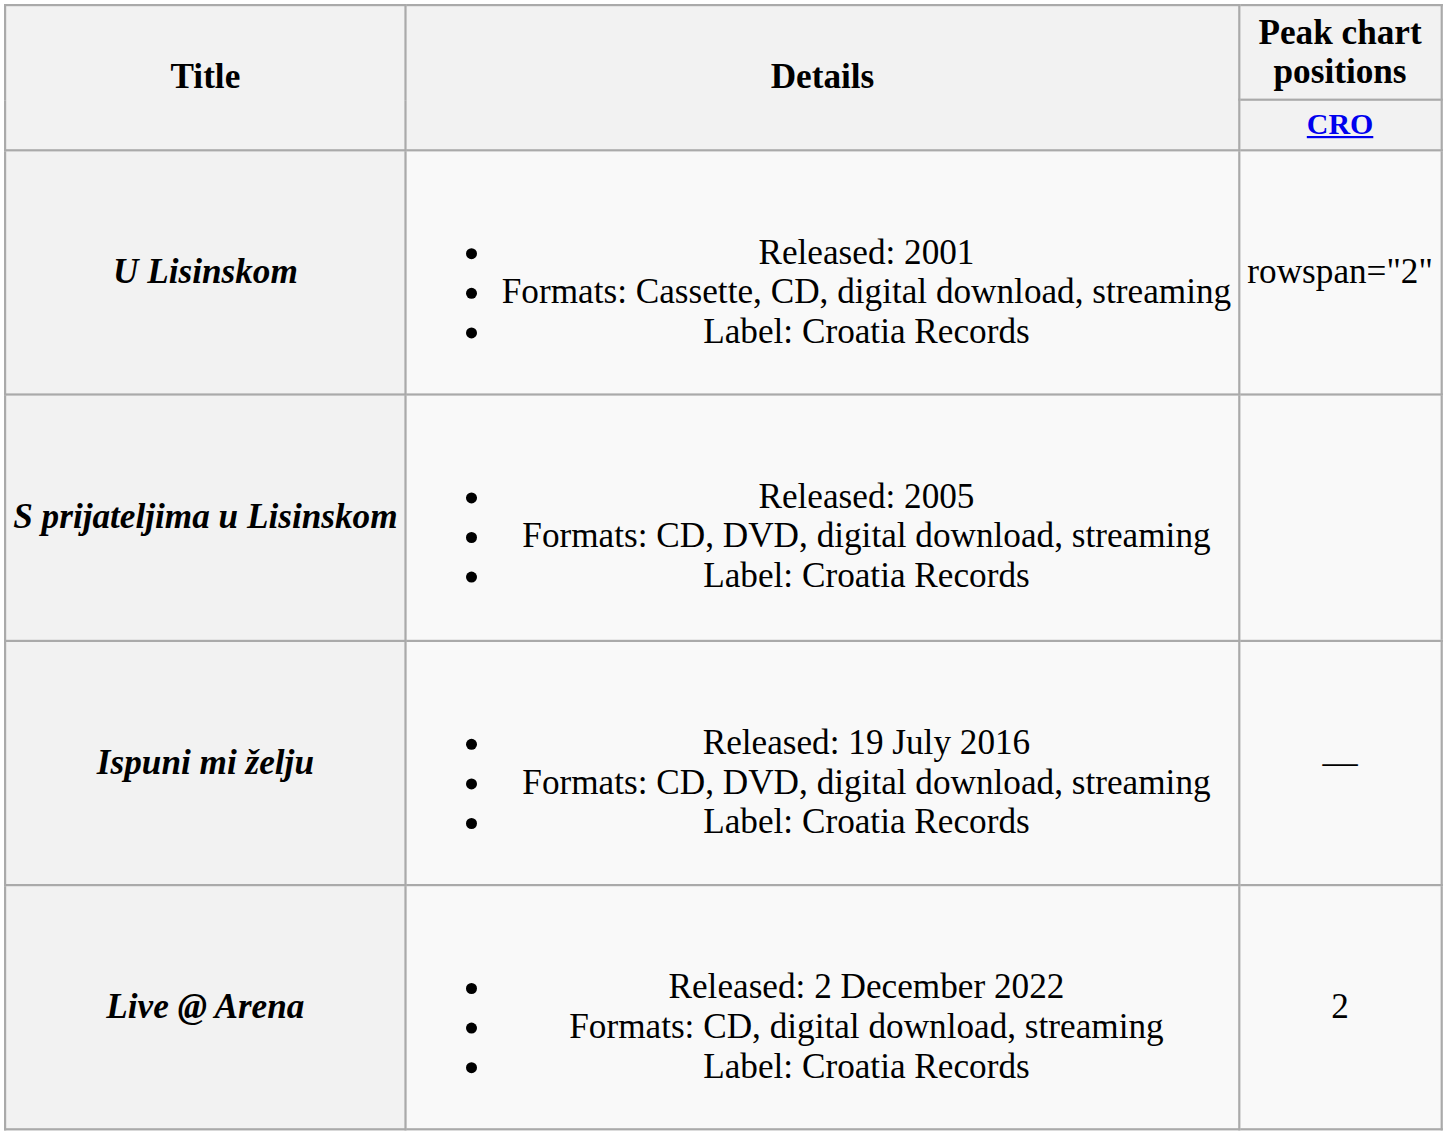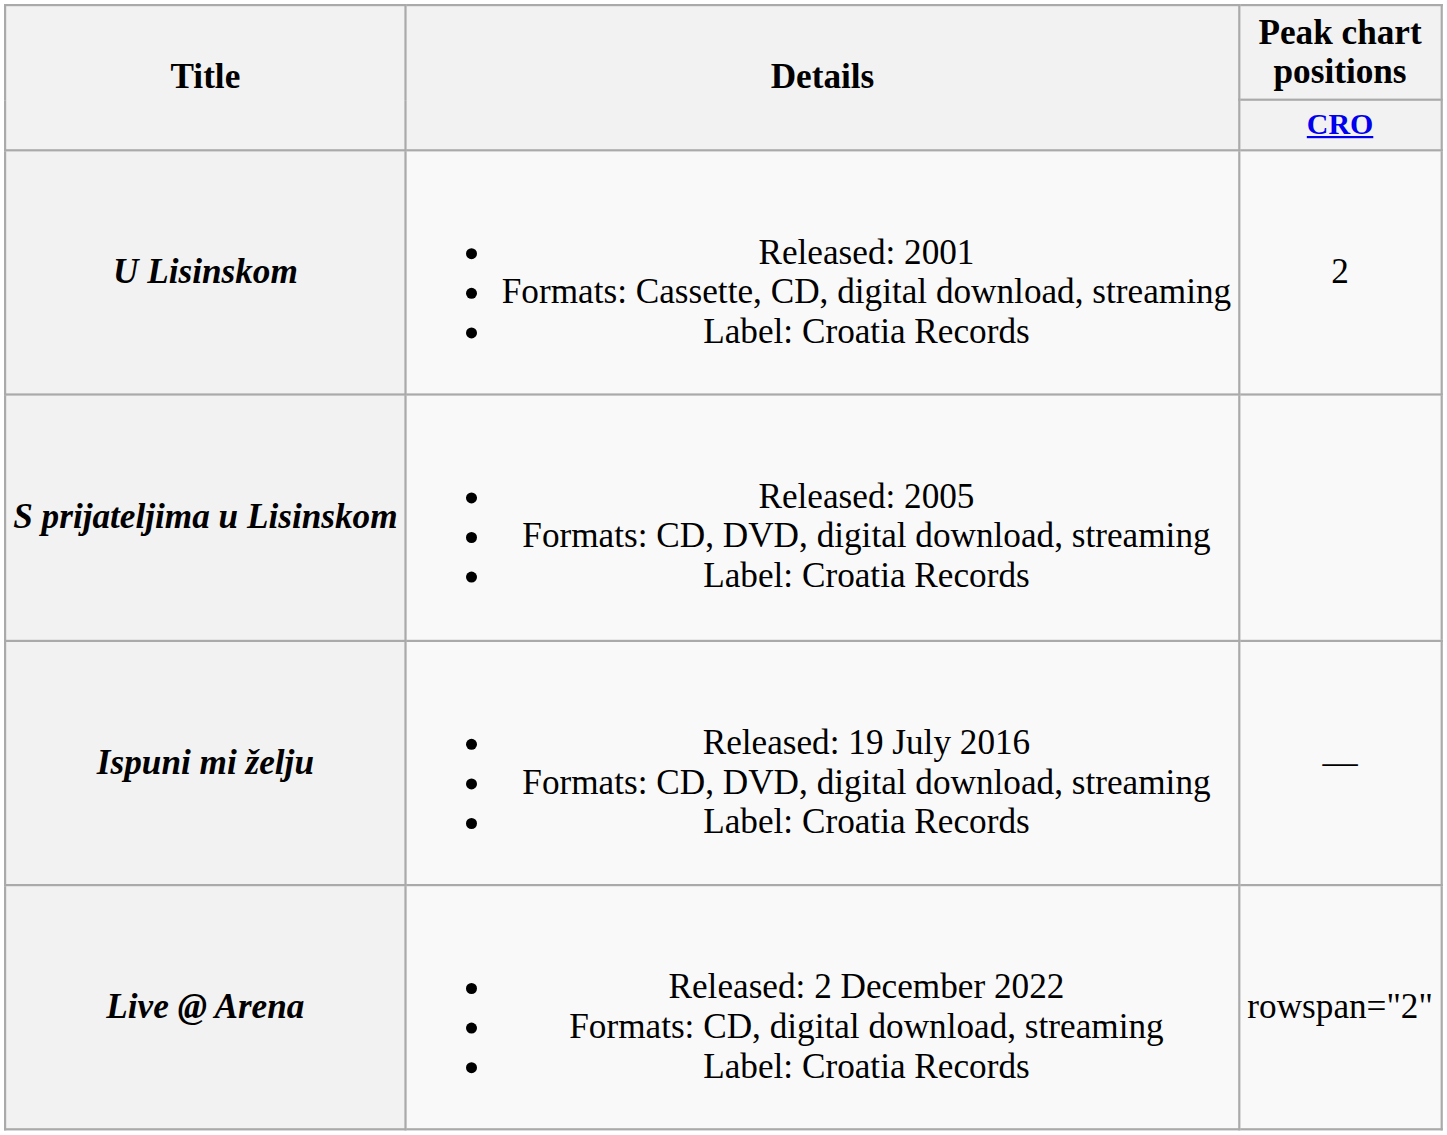 <table class="wikitable plainrowheaders" style="text-align:center;">
 <tr>
 <th scope="col" rowspan="2">Title</th>
 <th scope="col" rowspan="2">Details</th>
 <th scope="col" colspan="1">Peak chart positions</th>
 </tr>
 <tr>
 <th scope="col" style="width:3em;font-size:85%;"><a href='#'>CRO</a><br></th>
 </tr>
 <tr>
 <th scope="row"><em>U Lisinskom</em></th>
 <td><br><ul><li>Released: 2001</li><li>Formats: Cassette, CD, digital download, streaming</li><li>Label: Croatia Records</li></ul></td>
-<td>rowspan="2" </td>
+<td>2</td>
 </tr>
 <tr>
 <th scope="row"><em>S prijateljima u Lisinskom</em></th>
 <td><br><ul><li>Released: 2005</li><li>Formats: CD, DVD, digital download, streaming</li><li>Label: Croatia Records</li></ul></td>
 </tr>
 <tr>
 <th scope="row"><em>Ispuni mi želju</em></th>
 <td><br><ul><li>Released: 19 July 2016</li><li>Formats: CD, DVD, digital download, streaming</li><li>Label: Croatia Records</li></ul></td>
 <td>—</td>
 </tr>
 <tr>
 <th scope="row"><em>Live @ Arena</em></th>
 <td><br><ul><li>Released: 2 December 2022</li><li>Formats: CD, digital download, streaming</li><li>Label: Croatia Records</li></ul></td>
-<td>2</td>
+<td>rowspan="2" </td>
 </tr>
 </table>
